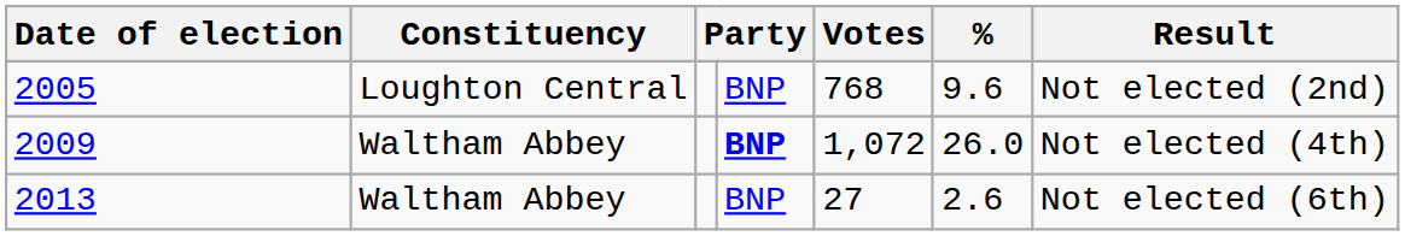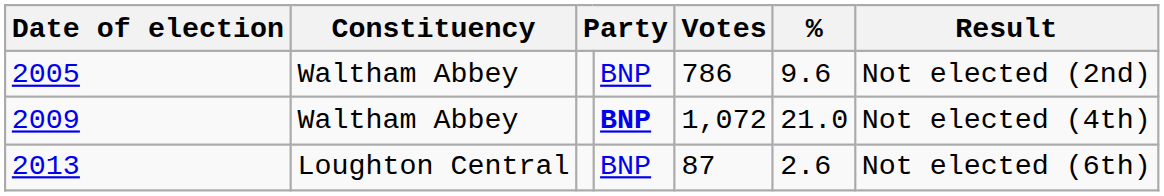 <table class="wikitable">
 <tr>
 <th>Date of election</th>
 <th>Constituency</th>
 <th colspan="2">Party</th>
 <th>Votes</th>
 <th>%</th>
 <th>Result</th>
 </tr>
 <tr>
 <td><a href='#'>2005</a></td>
-<td>Loughton Central</td>
+<td>Waltham Abbey</td>
 <td style="background-color: "></td>
 <td><a href='#'>BNP</a></td>
-<td>768</td>
+<td>786</td>
 <td>9.6</td>
 <td>Not elected (2nd)</td>
 </tr>
 <tr>
 <td><a href='#'>2009</a></td>
 <td>Waltham Abbey</td>
 <td style="background-color: "></td>
 <td><strong><a href='#'>BNP</a></strong></td>
 <td>1,072</td>
-<td>26.0</td>
+<td>21.0</td>
 <td>Not elected (4th)</td>
 </tr>
 <tr>
 <td><a href='#'>2013</a></td>
-<td>Waltham Abbey</td>
+<td>Loughton Central</td>
 <td style="background-color: "></td>
 <td><a href='#'>BNP</a></td>
-<td>27</td>
+<td>87</td>
 <td>2.6</td>
 <td>Not elected (6th)</td>
 </tr>
 </table>
